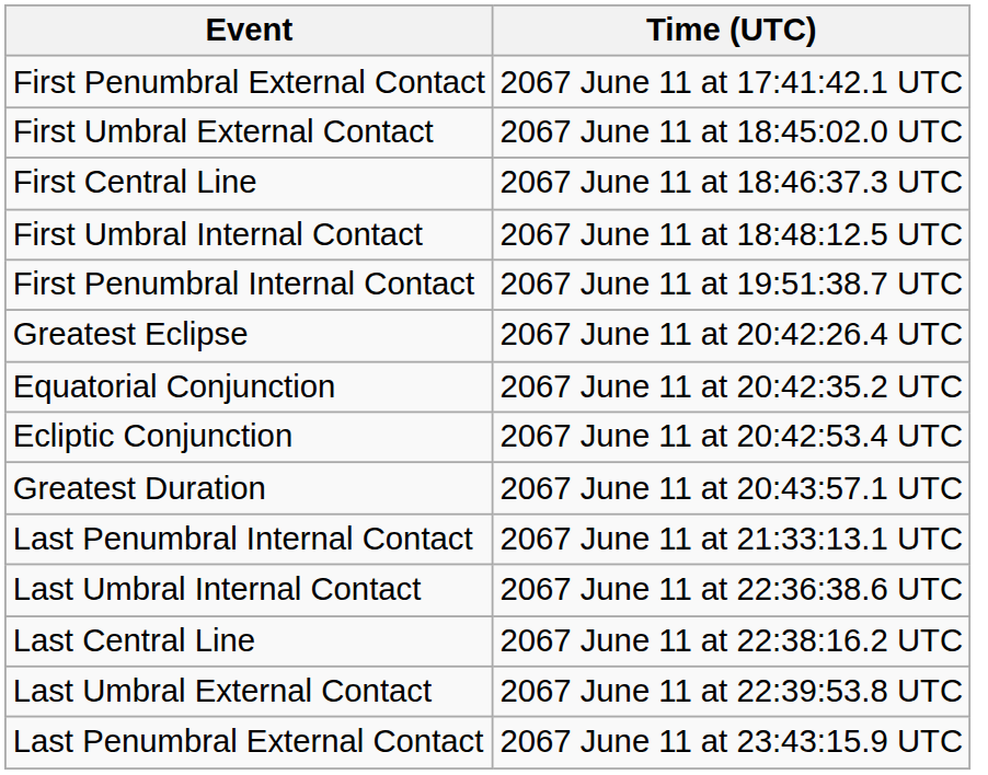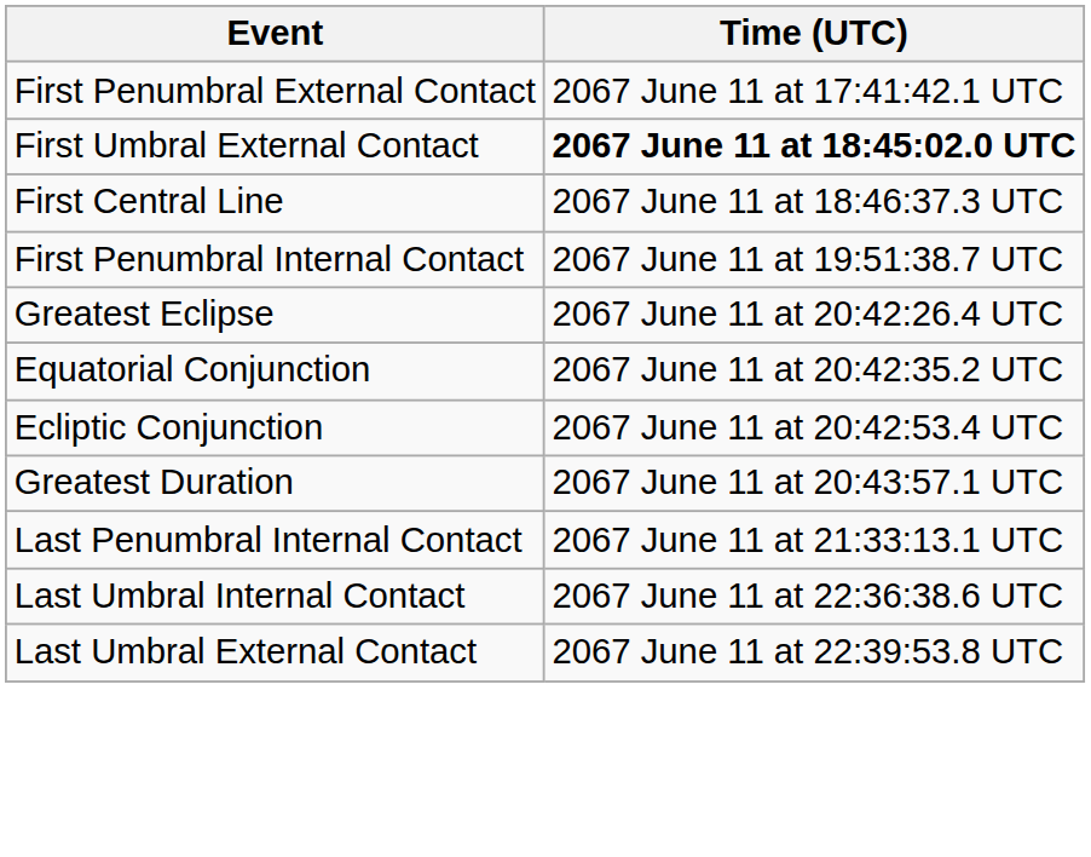 <table class="wikitable">
 <tr>
 <th>Event</th>
 <th>Time (UTC)</th>
 </tr>
 <tr>
 <td>First Penumbral External Contact</td>
 <td>2067 June 11 at 17:41:42.1 UTC</td>
 </tr>
 <tr>
 <td>First Umbral External Contact</td>
-<td>2067 June 11 at 18:45:02.0 UTC</td>
+<td><strong>2067 June 11 at 18:45:02.0 UTC</strong></td>
 </tr>
 <tr>
 <td>First Central Line</td>
 <td>2067 June 11 at 18:46:37.3 UTC</td>
-</tr>
-<tr>
-<td>First Umbral Internal Contact</td>
-<td>2067 June 11 at 18:48:12.5 UTC</td>
 </tr>
 <tr>
 <td>First Penumbral Internal Contact</td>
 <td>2067 June 11 at 19:51:38.7 UTC</td>
 </tr>
 <tr>
 <td>Greatest Eclipse</td>
 <td>2067 June 11 at 20:42:26.4 UTC</td>
 </tr>
 <tr>
 <td>Equatorial Conjunction</td>
 <td>2067 June 11 at 20:42:35.2 UTC</td>
 </tr>
 <tr>
 <td>Ecliptic Conjunction</td>
 <td>2067 June 11 at 20:42:53.4 UTC</td>
 </tr>
 <tr>
 <td>Greatest Duration</td>
 <td>2067 June 11 at 20:43:57.1 UTC</td>
 </tr>
 <tr>
 <td>Last Penumbral Internal Contact</td>
 <td>2067 June 11 at 21:33:13.1 UTC</td>
 </tr>
 <tr>
 <td>Last Umbral Internal Contact</td>
 <td>2067 June 11 at 22:36:38.6 UTC</td>
 </tr>
 <tr>
-<td>Last Central Line</td>
-<td>2067 June 11 at 22:38:16.2 UTC</td>
-</tr>
-<tr>
 <td>Last Umbral External Contact</td>
 <td>2067 June 11 at 22:39:53.8 UTC</td>
 </tr>
-<tr>
-<td>Last Penumbral External Contact</td>
-<td>2067 June 11 at 23:43:15.9 UTC</td>
-</tr>
 </table>
